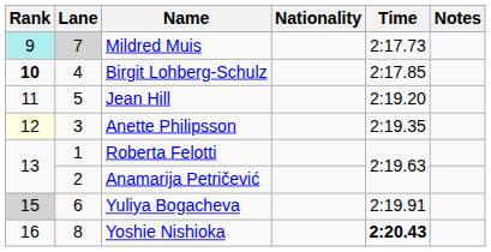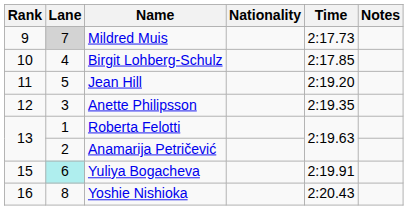 <table class="wikitable sortable" style="text-align:center">
 <tr>
 <th>Rank</th>
 <th>Lane</th>
 <th>Name</th>
 <th>Nationality</th>
 <th>Time</th>
 <th>Notes</th>
 </tr>
 <tr>
-<td style="background: paleturquoise;">9</td>
+<td>9</td>
 <td style="background: lightgrey;">7</td>
 <td align=left><a href='#'>Mildred Muis</a></td>
 <td align=left></td>
 <td>2:17.73</td>
 <td></td>
 </tr>
 <tr>
-<td><strong>10</strong></td>
+<td>10</td>
 <td>4</td>
 <td align=left><a href='#'>Birgit Lohberg-Schulz</a></td>
 <td align=left></td>
 <td>2:17.85</td>
 <td></td>
 </tr>
 <tr>
 <td>11</td>
 <td>5</td>
 <td align=left><a href='#'>Jean Hill</a></td>
 <td align=left></td>
 <td>2:19.20</td>
 <td></td>
 </tr>
 <tr>
-<td style="background: lightyellow;">12</td>
+<td>12</td>
 <td>3</td>
 <td align=left><a href='#'>Anette Philipsson</a></td>
 <td align=left></td>
 <td>2:19.35</td>
 <td></td>
 </tr>
 <tr>
 <td rowspan=2>13</td>
 <td>1</td>
 <td align=left><a href='#'>Roberta Felotti</a></td>
 <td align=left></td>
 <td rowspan=2>2:19.63</td>
 <td></td>
 </tr>
 <tr>
 <td>2</td>
 <td align=left><a href='#'>Anamarija Petričević</a></td>
 <td align=left></td>
 <td></td>
 </tr>
 <tr>
-<td style="background: lightgrey;">15</td>
-<td>6</td>
+<td>15</td>
+<td style="background: paleturquoise;">6</td>
 <td align=left><a href='#'>Yuliya Bogacheva</a></td>
 <td align=left></td>
 <td>2:19.91</td>
 <td></td>
 </tr>
 <tr>
 <td>16</td>
 <td>8</td>
 <td align=left><a href='#'>Yoshie Nishioka</a></td>
 <td align=left></td>
-<td><strong>2:20.43</strong></td>
+<td>2:20.43</td>
 <td></td>
 </tr>
 </table>
